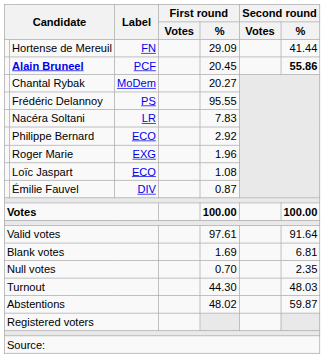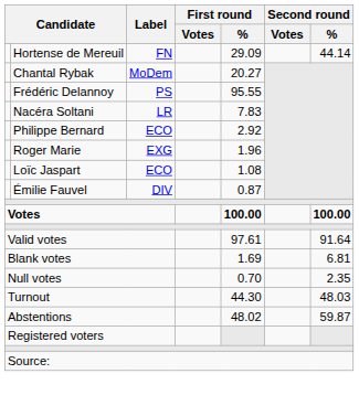 <table class="wikitable" style="text-align:right;font-size:95%;">
 <tr>
 <th rowspan="2" colspan="2">Candidate</th>
 <th rowspan="2">Label</th>
 <th colspan="2">First round</th>
 <th colspan="2">Second round</th>
 </tr>
 <tr>
 <th style="width:50px;">Votes</th>
 <th style="width:45px;">%</th>
 <th style="width:50px;">Votes</th>
 <th style="width:45px;">%</th>
 </tr>
 <tr>
 <td style="color:inherit;background:"></td>
 <td style="text-align:left;">Hortense de Mereuil</td>
 <td><a href='#'>FN</a></td>
 <td></td>
 <td>29.09</td>
 <td></td>
-<td>41.44</td>
-</tr>
-<tr>
-<td style="color:inherit;background:"></td>
-<td style="text-align:left;"><strong><a href='#'>Alain Bruneel</a></strong></td>
-<td><a href='#'>PCF</a></td>
-<td></td>
-<td>20.45</td>
-<td><strong></strong></td>
-<td><strong>55.86</strong></td>
+<td>44.14</td>
 </tr>
 <tr>
 <td style="color:inherit;background:"></td>
 <td style="text-align:left;">Chantal Rybak</td>
 <td><a href='#'>MoDem</a></td>
 <td></td>
 <td>20.27</td>
 <td colspan="2" rowspan="7" style="background:#E9E9E9;"></td>
 </tr>
 <tr>
 <td style="color:inherit;background:"></td>
 <td style="text-align:left;">Frédéric Delannoy</td>
 <td><a href='#'>PS</a></td>
 <td></td>
 <td>95.55</td>
 </tr>
 <tr>
 <td style="color:inherit;background:"></td>
 <td style="text-align:left;">Nacéra Soltani</td>
 <td><a href='#'>LR</a></td>
 <td></td>
 <td>7.83</td>
 </tr>
 <tr>
 <td style="color:inherit;background:"></td>
 <td style="text-align:left;">Philippe Bernard</td>
 <td><a href='#'>ECO</a></td>
 <td></td>
 <td>2.92</td>
 </tr>
 <tr>
 <td style="color:inherit;background:"></td>
 <td style="text-align:left;">Roger Marie</td>
 <td><a href='#'>EXG</a></td>
 <td></td>
 <td>1.96</td>
 </tr>
 <tr>
 <td style="color:inherit;background:"></td>
 <td style="text-align:left;">Loïc Jaspart</td>
 <td><a href='#'>ECO</a></td>
 <td></td>
 <td>1.08</td>
 </tr>
 <tr>
 <td style="color:inherit;background:"></td>
 <td style="text-align:left;">Émilie Fauvel</td>
 <td><a href='#'>DIV</a></td>
 <td></td>
 <td>0.87</td>
 </tr>
 <tr>
 <td colspan="7" style="background:#E9E9E9;"></td>
 </tr>
 <tr style="font-weight:bold;">
 <td colspan="3" style="text-align:left;">Votes</td>
 <td></td>
 <td>100.00</td>
 <td></td>
 <td>100.00</td>
 </tr>
 <tr>
 <td colspan="7" style="background:#E9E9E9;"></td>
 </tr>
 <tr>
 <td colspan="3" style="text-align:left;">Valid votes</td>
 <td></td>
 <td>97.61</td>
 <td></td>
 <td>91.64</td>
 </tr>
 <tr>
 <td colspan="3" style="text-align:left;">Blank votes</td>
 <td></td>
 <td>1.69</td>
 <td></td>
 <td>6.81</td>
 </tr>
 <tr>
 <td colspan="3" style="text-align:left;">Null votes</td>
 <td></td>
 <td>0.70</td>
 <td></td>
 <td>2.35</td>
 </tr>
 <tr>
 <td colspan="3" style="text-align:left;">Turnout</td>
 <td></td>
 <td>44.30</td>
 <td></td>
 <td>48.03</td>
 </tr>
 <tr>
 <td colspan="3" style="text-align:left;">Abstentions</td>
 <td></td>
 <td>48.02</td>
 <td></td>
 <td>59.87</td>
 </tr>
 <tr>
 <td colspan="3" style="text-align:left;">Registered voters</td>
 <td></td>
 <td style="background:#E9E9E9;"></td>
 <td></td>
 <td style="background:#E9E9E9;"></td>
 </tr>
 <tr>
 <td colspan="7" style="background:#E9E9E9;"></td>
 </tr>
 <tr>
 <td colspan="7" style="text-align:left;">Source: </td>
 </tr>
 </table>
